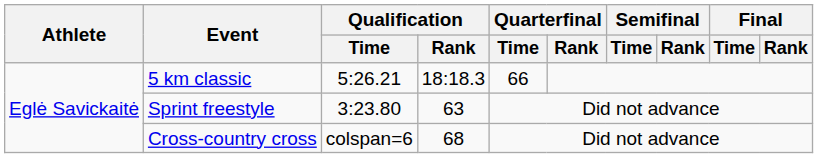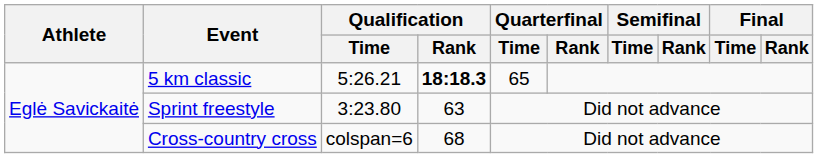 <table class="wikitable" style="font-size:90%">
 <tr>
 <th rowspan="2">Athlete</th>
 <th rowspan="2">Event</th>
 <th colspan="2">Qualification</th>
 <th colspan="2">Quarterfinal</th>
 <th colspan="2">Semifinal</th>
 <th colspan="2">Final</th>
 </tr>
 <tr style="font-size:95%">
 <th>Time</th>
 <th>Rank</th>
 <th>Time</th>
 <th>Rank</th>
 <th>Time</th>
 <th>Rank</th>
 <th>Time</th>
 <th>Rank</th>
 </tr>
 <tr align=center>
 <td align=left rowspan=3><a href='#'>Eglė Savickaitė</a></td>
 <td align=left><a href='#'>5 km classic</a></td>
 <td>5:26.21</td>
-<td>18:18.3</td>
-<td>66</td>
+<td><strong>18:18.3</strong></td>
+<td>65</td>
 </tr>
 <tr align=center>
 <td align=left><a href='#'>Sprint freestyle</a></td>
 <td>3:23.80</td>
 <td>63</td>
 <td colspan=6>Did not advance</td>
 </tr>
 <tr align=center>
 <td align=left><a href='#'>Cross-country cross</a></td>
 <td>colspan=6 </td>
 <td>68</td>
 <td colspan=6>Did not advance</td>
 </tr>
 </table>
